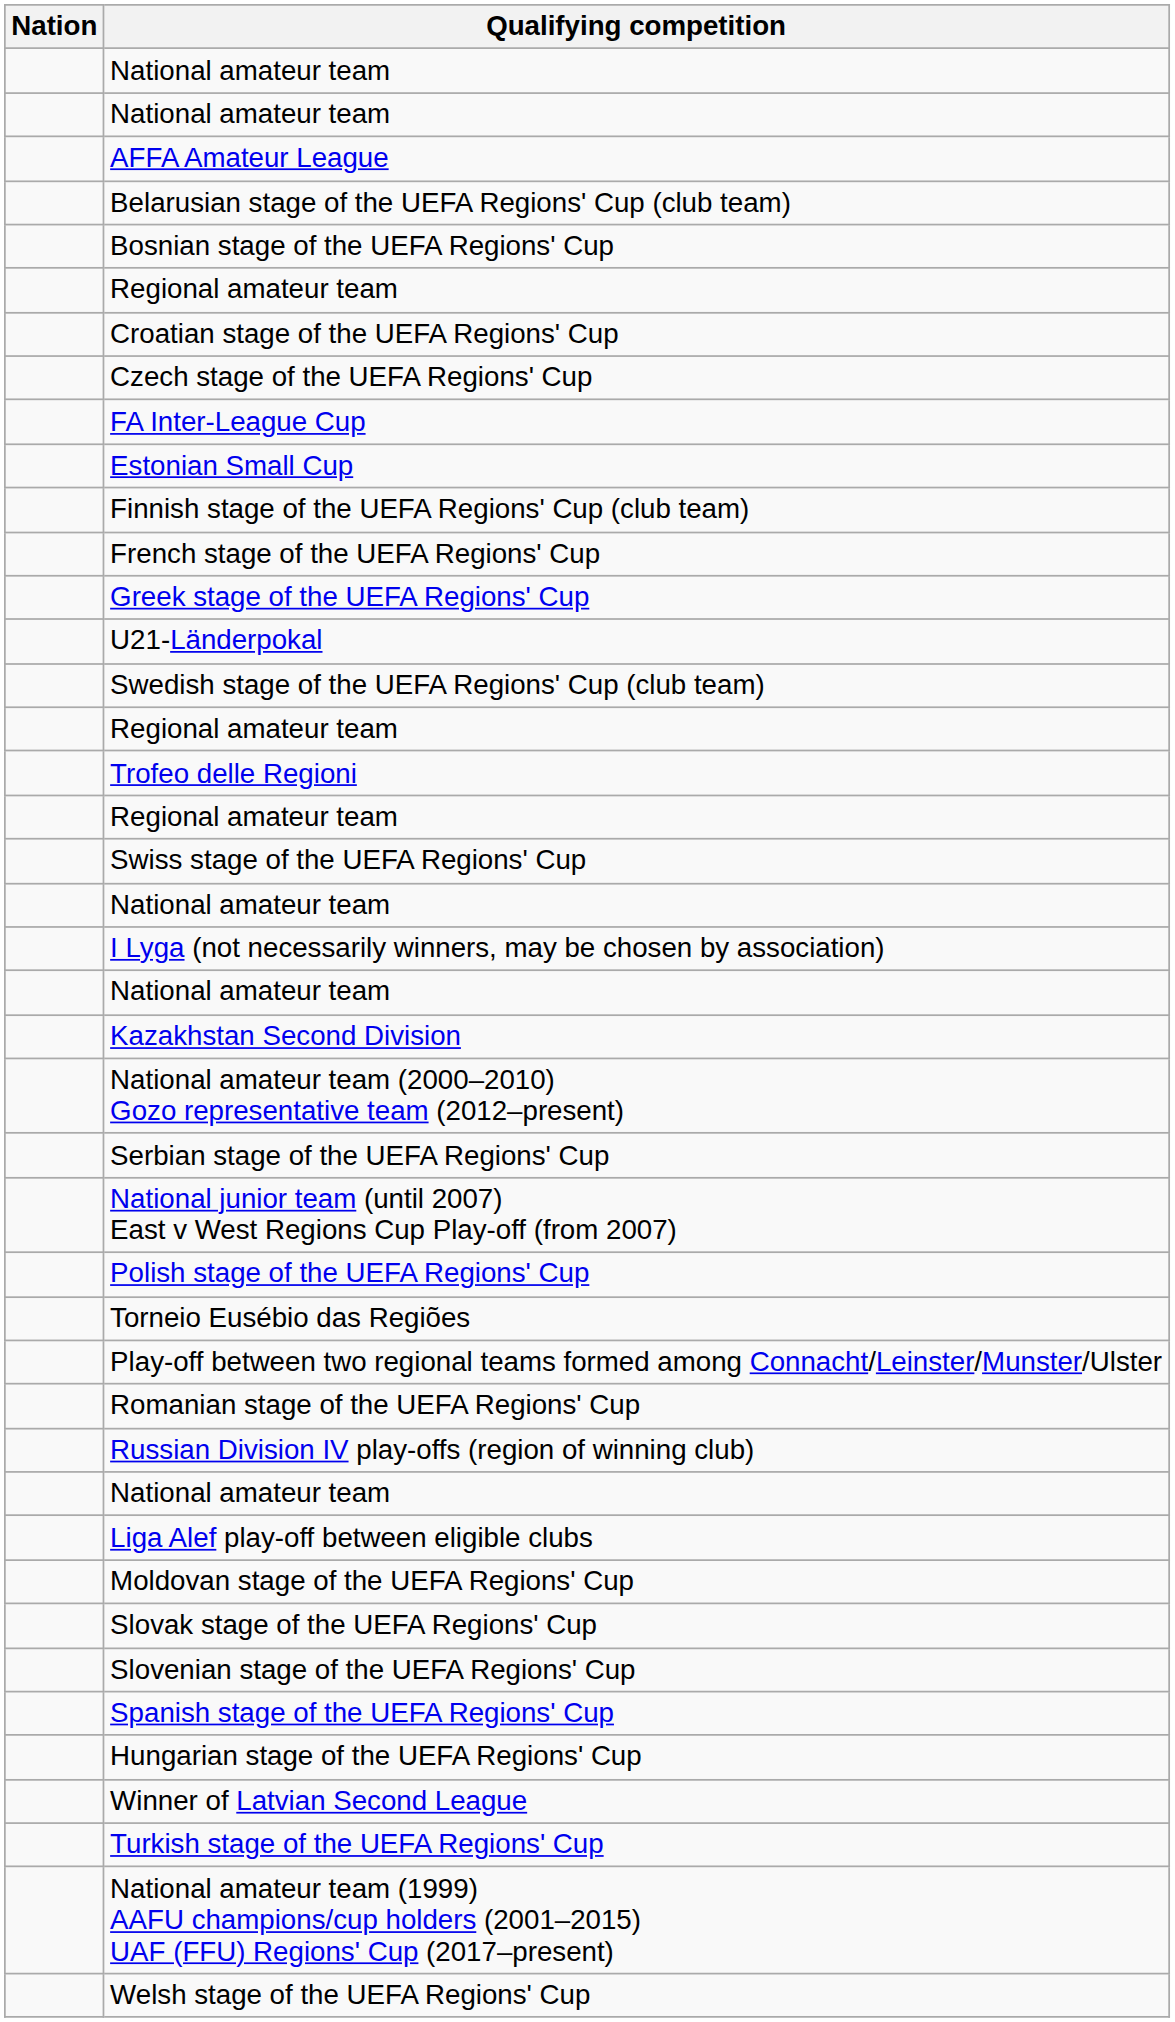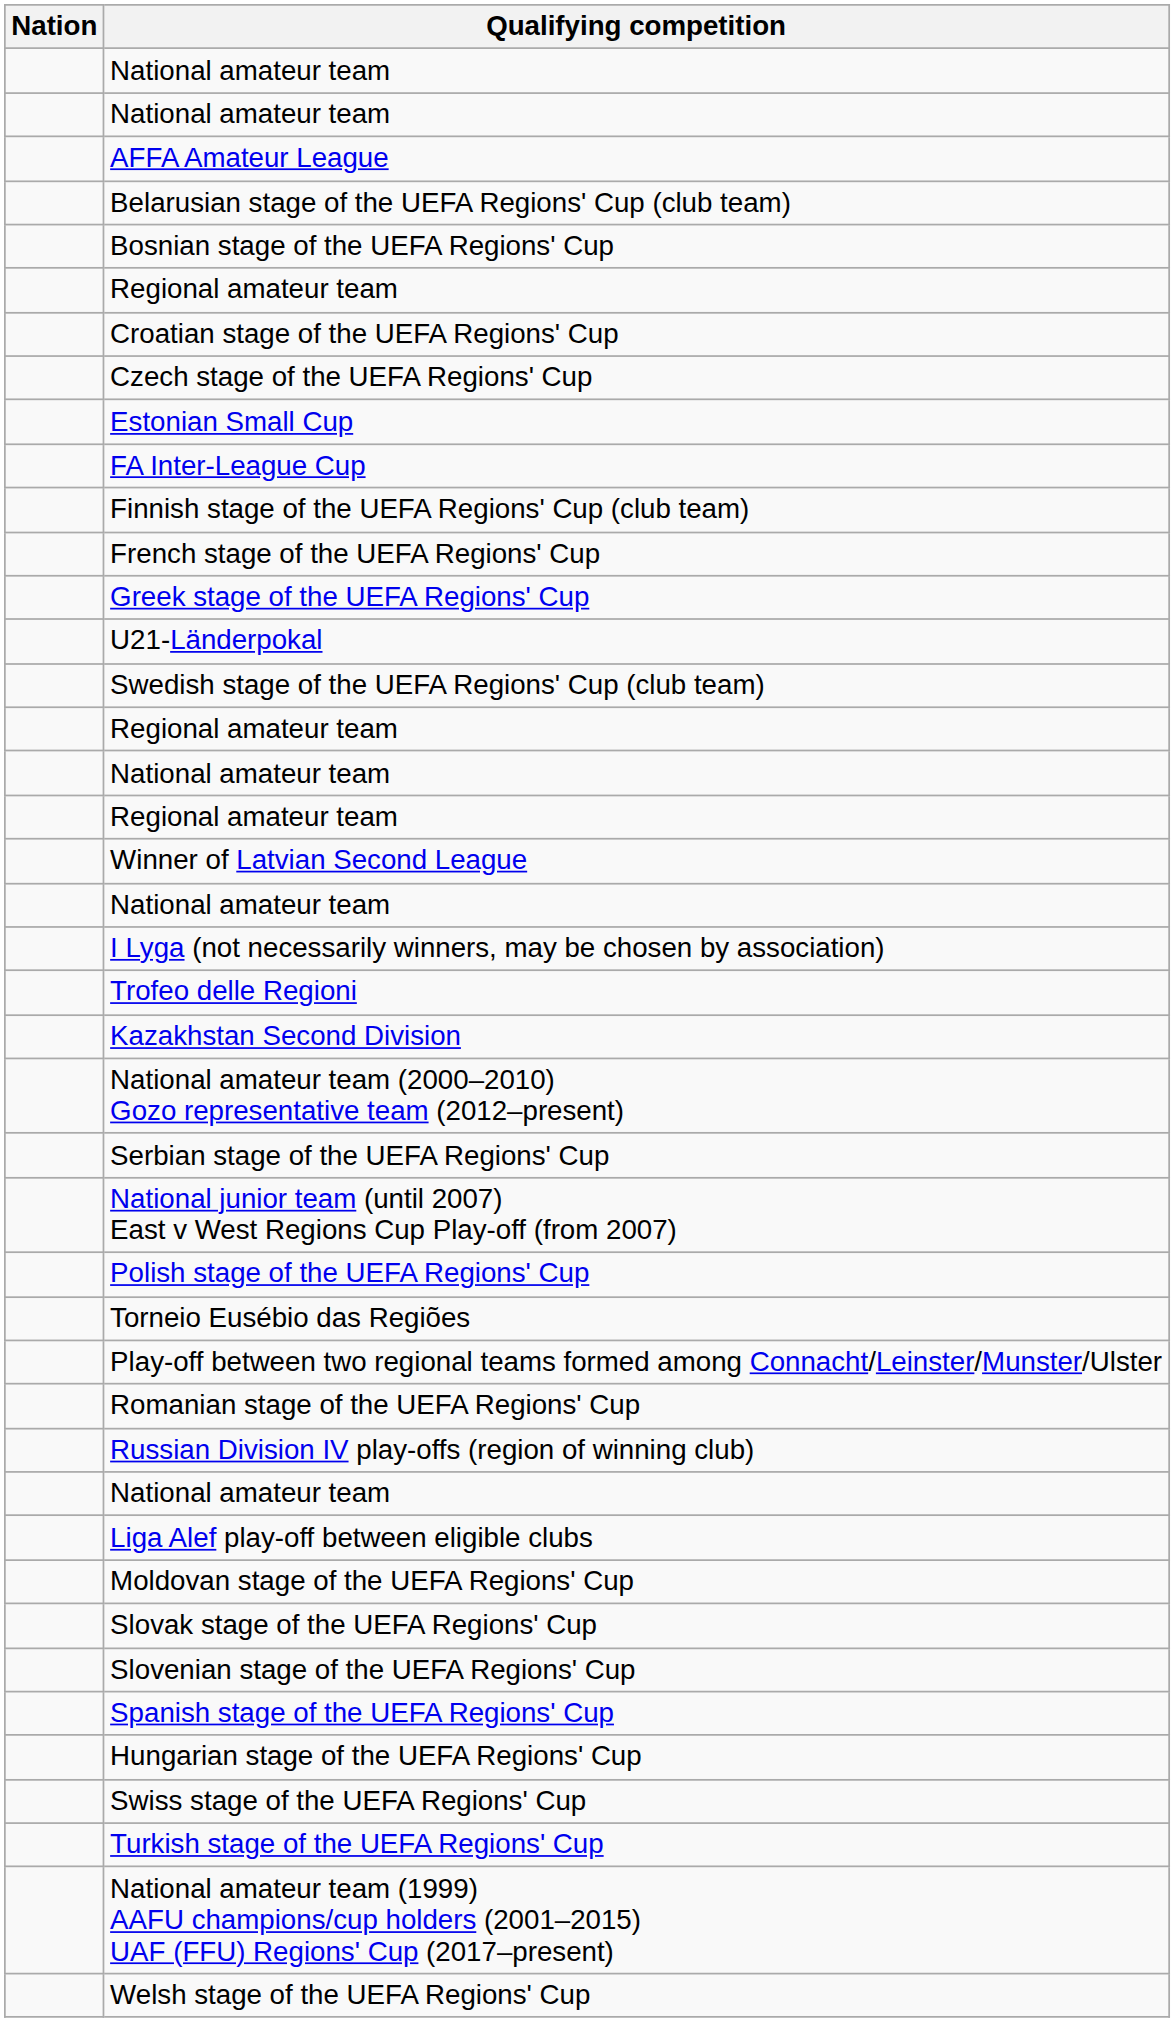 <table class="wikitable" border="1" table style="border:1px black;">
 <tr>
 <th>Nation</th>
 <th>Qualifying competition</th>
 </tr>
 <tr>
 <td></td>
 <td>National amateur team</td>
 </tr>
 <tr>
 <td></td>
 <td>National amateur team</td>
 </tr>
 <tr>
 <td></td>
 <td><a href='#'>AFFA Amateur League</a></td>
 </tr>
 <tr>
 <td></td>
 <td>Belarusian stage of the UEFA Regions' Cup (club team)</td>
 </tr>
 <tr>
 <td></td>
 <td>Bosnian stage of the UEFA Regions' Cup</td>
 </tr>
 <tr>
 <td></td>
 <td>Regional amateur team</td>
 </tr>
 <tr>
 <td></td>
 <td>Croatian stage of the UEFA Regions' Cup</td>
 </tr>
 <tr>
 <td></td>
 <td>Czech stage of the UEFA Regions' Cup</td>
 </tr>
 <tr>
 <td></td>
-<td><a href='#'>FA Inter-League Cup</a></td>
+<td><a href='#'>Estonian Small Cup</a></td>
 </tr>
 <tr>
 <td></td>
-<td><a href='#'>Estonian Small Cup</a></td>
+<td><a href='#'>FA Inter-League Cup</a></td>
 </tr>
 <tr>
 <td></td>
 <td>Finnish stage of the UEFA Regions' Cup (club team)</td>
 </tr>
 <tr>
 <td></td>
 <td>French stage of the UEFA Regions' Cup</td>
 </tr>
 <tr>
 <td></td>
 <td><a href='#'>Greek stage of the UEFA Regions' Cup</a></td>
 </tr>
 <tr>
 <td></td>
 <td>U21-<a href='#'>Länderpokal</a></td>
 </tr>
 <tr>
 <td></td>
 <td>Swedish stage of the UEFA Regions' Cup (club team)</td>
 </tr>
 <tr>
 <td></td>
 <td>Regional amateur team</td>
 </tr>
 <tr>
 <td></td>
-<td><a href='#'>Trofeo delle Regioni</a></td>
+<td>National amateur team</td>
 </tr>
 <tr>
 <td></td>
 <td>Regional amateur team</td>
 </tr>
 <tr>
 <td></td>
-<td>Swiss stage of the UEFA Regions' Cup</td>
+<td>Winner of <a href='#'>Latvian Second League</a></td>
 </tr>
 <tr>
 <td></td>
 <td>National amateur team</td>
 </tr>
 <tr>
 <td></td>
 <td><a href='#'>I Lyga</a> (not necessarily winners, may be chosen by association)</td>
 </tr>
 <tr>
 <td></td>
-<td>National amateur team</td>
+<td><a href='#'>Trofeo delle Regioni</a></td>
 </tr>
 <tr>
 <td></td>
 <td><a href='#'>Kazakhstan Second Division</a></td>
 </tr>
 <tr>
 <td></td>
 <td>National amateur team (2000–2010)<br><a href='#'>Gozo representative team</a> (2012–present)</td>
 </tr>
 <tr>
 <td></td>
 <td>Serbian stage of the UEFA Regions' Cup</td>
 </tr>
 <tr>
 <td></td>
 <td><a href='#'>National junior team</a> (until 2007)<br>East v West Regions Cup Play-off (from 2007)</td>
 </tr>
 <tr>
 <td></td>
 <td><a href='#'>Polish stage of the UEFA Regions' Cup</a></td>
 </tr>
 <tr>
 <td></td>
 <td>Torneio Eusébio das Regiões</td>
 </tr>
 <tr>
 <td></td>
 <td>Play-off between two regional teams formed among <a href='#'>Connacht</a>/<a href='#'>Leinster</a>/<a href='#'>Munster</a>/Ulster</td>
 </tr>
 <tr>
 <td></td>
 <td>Romanian stage of the UEFA Regions' Cup</td>
 </tr>
 <tr>
 <td></td>
 <td><a href='#'>Russian Division IV</a> play-offs (region of winning club)</td>
 </tr>
 <tr>
 <td></td>
 <td>National amateur team</td>
 </tr>
 <tr>
 <td></td>
 <td><a href='#'>Liga Alef</a> play-off between eligible clubs</td>
 </tr>
 <tr>
 <td></td>
 <td>Moldovan stage of the UEFA Regions' Cup</td>
 </tr>
 <tr>
 <td></td>
 <td>Slovak stage of the UEFA Regions' Cup</td>
 </tr>
 <tr>
 <td></td>
 <td>Slovenian stage of the UEFA Regions' Cup</td>
 </tr>
 <tr>
 <td></td>
 <td><a href='#'>Spanish stage of the UEFA Regions' Cup</a></td>
 </tr>
 <tr>
 <td></td>
 <td>Hungarian stage of the UEFA Regions' Cup</td>
 </tr>
 <tr>
 <td></td>
-<td>Winner of <a href='#'>Latvian Second League</a></td>
+<td>Swiss stage of the UEFA Regions' Cup</td>
 </tr>
 <tr>
 <td></td>
 <td><a href='#'>Turkish stage of the UEFA Regions' Cup</a></td>
 </tr>
 <tr>
 <td></td>
 <td>National amateur team (1999)<br><a href='#'>AAFU champions/cup holders</a> (2001–2015)<br><a href='#'>UAF (FFU) Regions' Cup</a> (2017–present)</td>
 </tr>
 <tr>
 <td></td>
 <td>Welsh stage of the UEFA Regions' Cup</td>
 </tr>
 </table>
